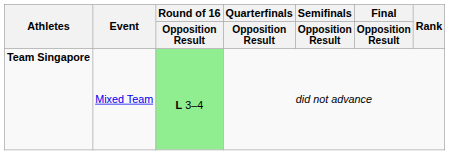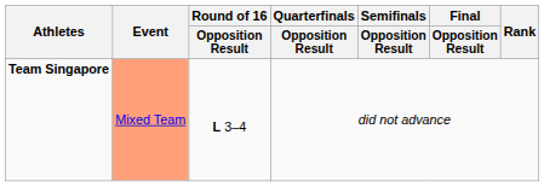 <table class="wikitable" style="font-size:90%">
 <tr>
 <th rowspan="2">Athletes</th>
 <th rowspan="2">Event</th>
 <th>Round of 16</th>
 <th>Quarterfinals</th>
 <th>Semifinals</th>
 <th>Final</th>
 <th rowspan=2>Rank</th>
 </tr>
 <tr style="font-size:95%">
 <th>Opposition<br>Result</th>
 <th>Opposition<br>Result</th>
 <th>Opposition<br>Result</th>
 <th>Opposition<br>Result</th>
 </tr>
 <tr align=center>
 <td align=left><strong>Team Singapore</strong><br><br> <br><br><br><br><br><br></td>
-<td align=left><a href='#'>Mixed Team</a></td>
-<td style="background: lightgreen;"><br><strong>L</strong> 3–4</td>
+<td align=left style="background: lightsalmon;"><a href='#'>Mixed Team</a></td>
+<td><br><strong>L</strong> 3–4</td>
 <td colspan=4><em>did not advance</em></td>
 </tr>
 </table>
